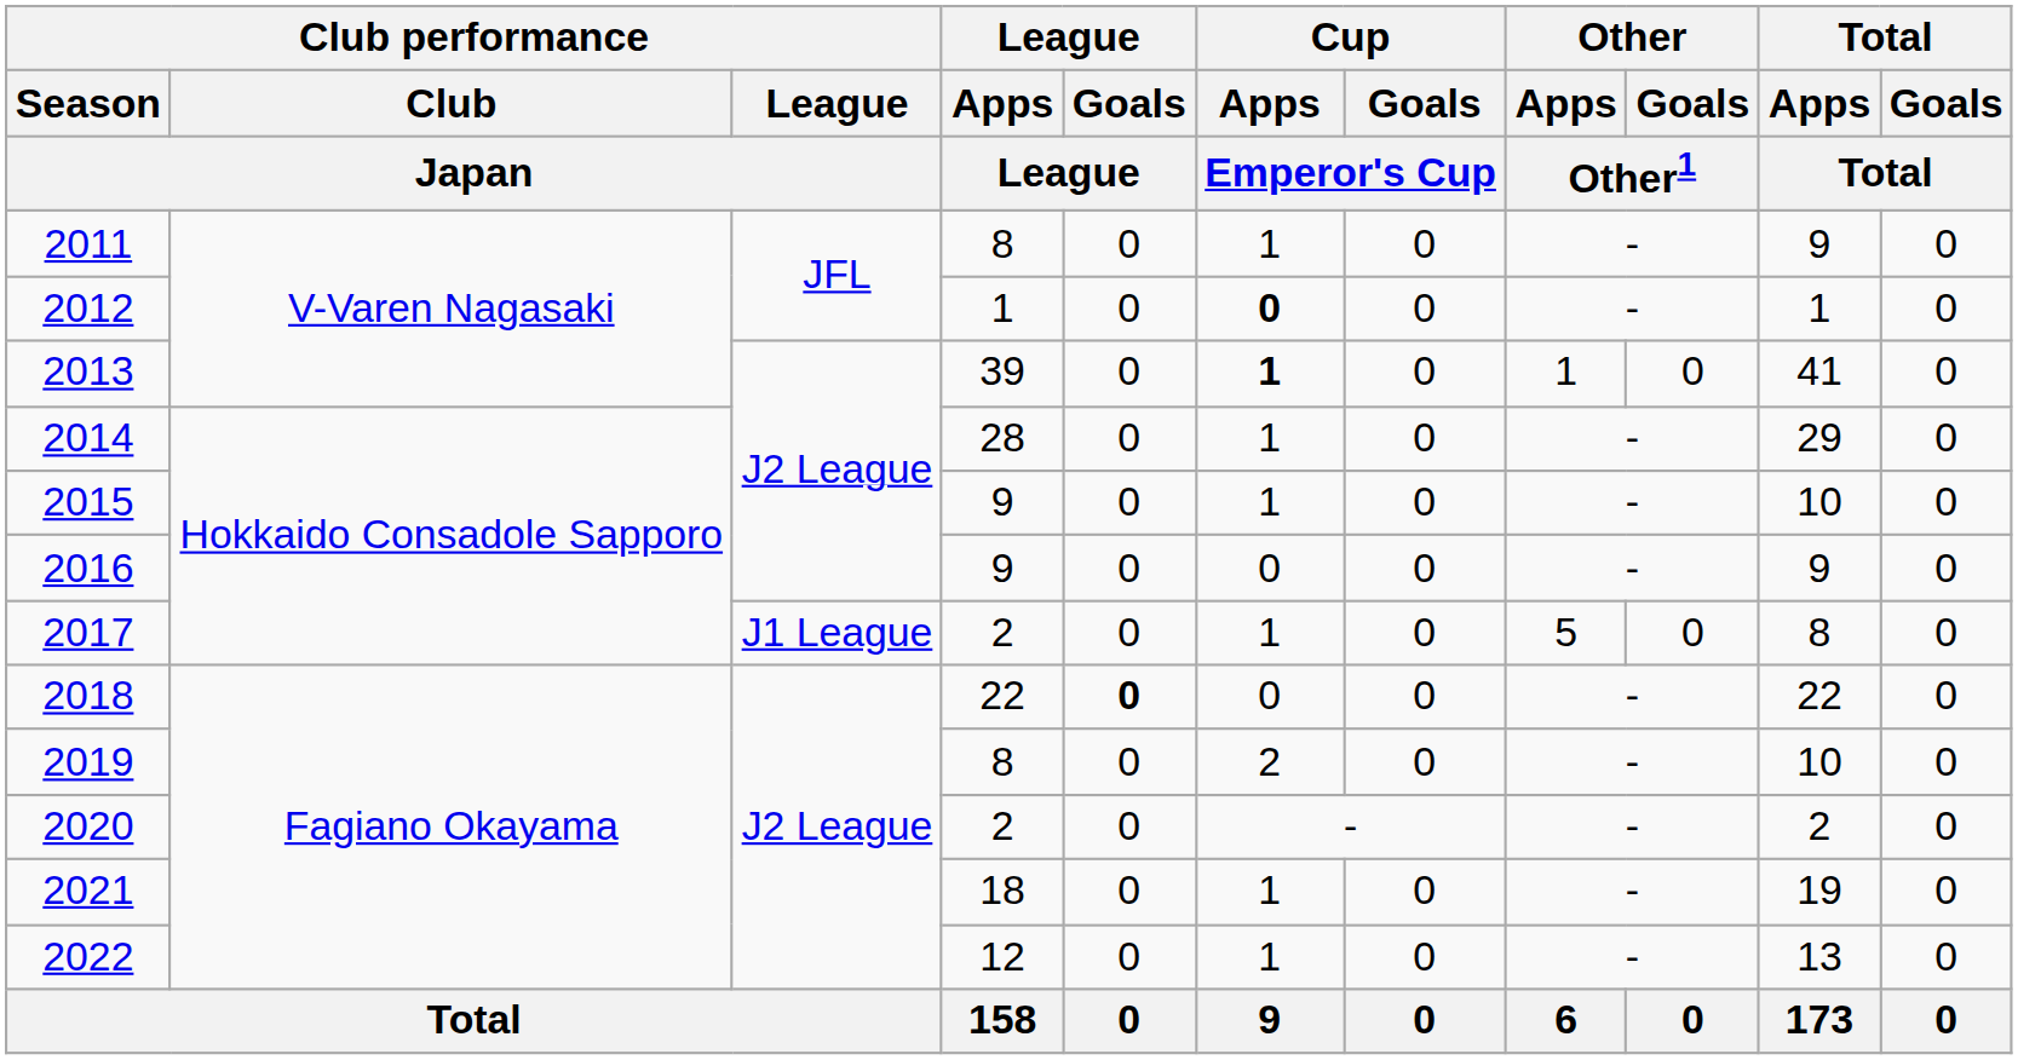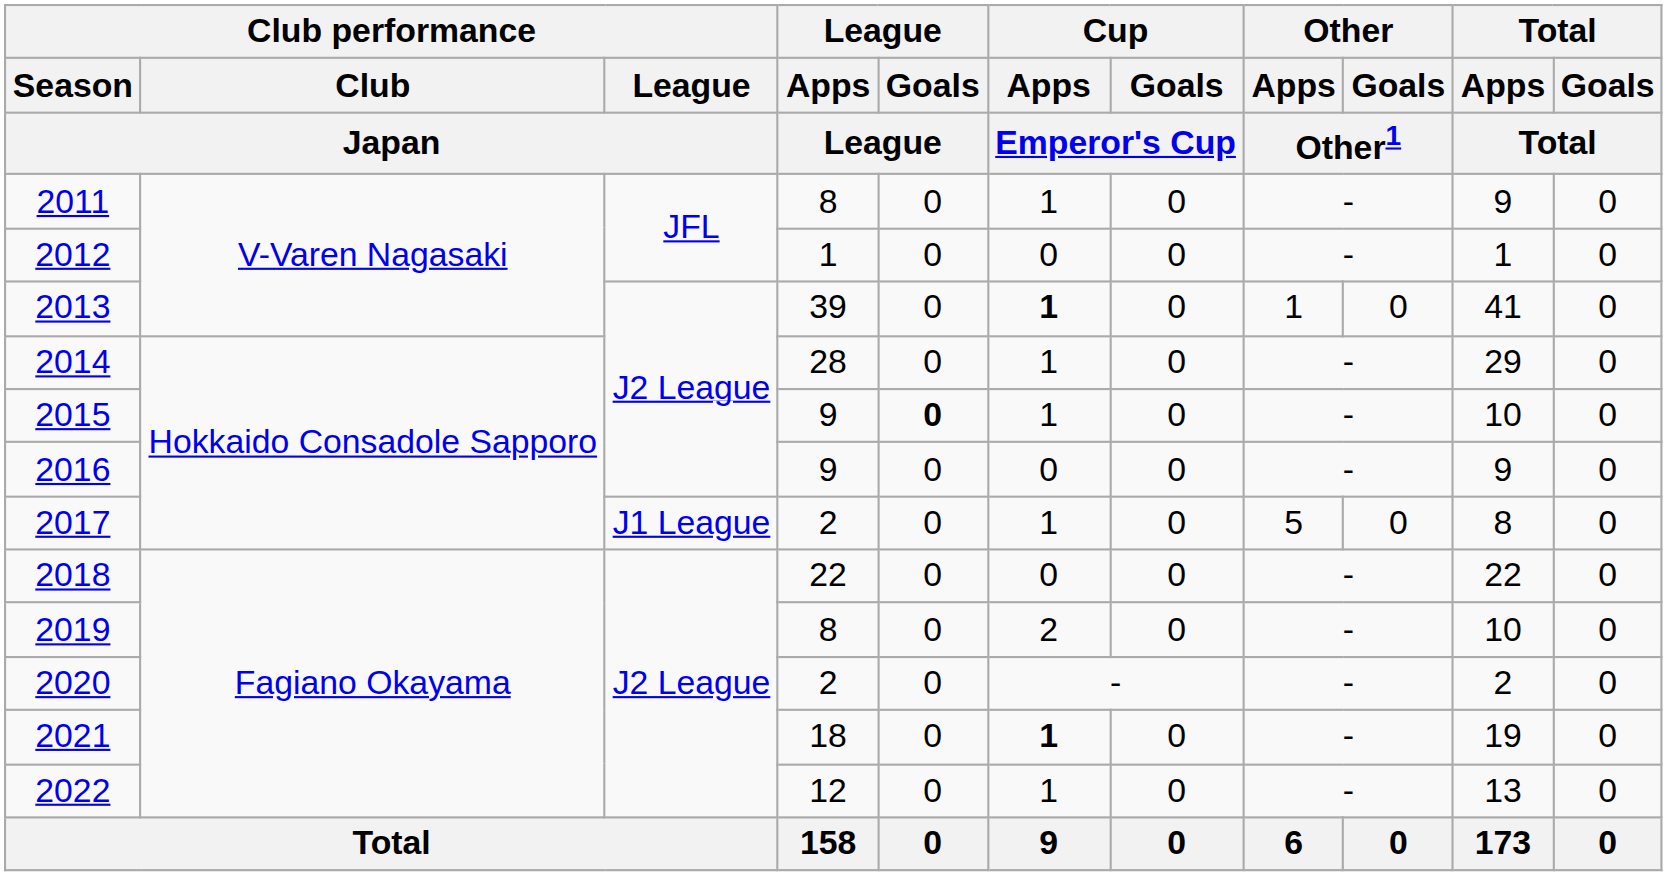 <table class="wikitable" style="text-align:center;">
 <tr>
 <th colspan=3>Club performance</th>
 <th colspan=2>League</th>
 <th colspan=2>Cup</th>
 <th colspan=2>Other</th>
 <th colspan=2>Total</th>
 </tr>
 <tr>
 <th>Season</th>
 <th>Club</th>
 <th>League</th>
 <th>Apps</th>
 <th>Goals</th>
 <th>Apps</th>
 <th>Goals</th>
 <th>Apps</th>
 <th>Goals</th>
 <th>Apps</th>
 <th>Goals</th>
 </tr>
 <tr>
 <th colspan=3>Japan</th>
 <th colspan=2>League</th>
 <th colspan=2><a href='#'>Emperor's Cup</a></th>
 <th colspan="2">Other<sup><a href='#'>1</a></sup></th>
 <th colspan=2>Total</th>
 </tr>
 <tr>
 <td><a href='#'>2011</a></td>
 <td rowspan="3"><a href='#'>V-Varen Nagasaki</a></td>
 <td rowspan="2"><a href='#'>JFL</a></td>
 <td>8</td>
 <td>0</td>
 <td>1</td>
 <td>0</td>
 <td colspan="2">-</td>
 <td>9</td>
 <td>0</td>
 </tr>
 <tr>
 <td><a href='#'>2012</a></td>
 <td>1</td>
 <td>0</td>
-<td><strong>0</strong></td>
+<td>0</td>
 <td>0</td>
 <td colspan="2">-</td>
 <td>1</td>
 <td>0</td>
 </tr>
 <tr>
 <td><a href='#'>2013</a></td>
 <td rowspan="4"><a href='#'>J2 League</a></td>
 <td>39</td>
 <td>0</td>
 <td><strong>1</strong></td>
 <td>0</td>
 <td>1</td>
 <td>0</td>
 <td>41</td>
 <td>0</td>
 </tr>
 <tr>
 <td><a href='#'>2014</a></td>
 <td rowspan="4"><a href='#'>Hokkaido Consadole Sapporo</a></td>
 <td>28</td>
 <td>0</td>
 <td>1</td>
 <td>0</td>
 <td colspan="2">-</td>
 <td>29</td>
 <td>0</td>
 </tr>
 <tr>
 <td><a href='#'>2015</a></td>
 <td>9</td>
-<td>0</td>
+<td><strong>0</strong></td>
 <td>1</td>
 <td>0</td>
 <td colspan="2">-</td>
 <td>10</td>
 <td>0</td>
 </tr>
 <tr>
 <td><a href='#'>2016</a></td>
 <td>9</td>
 <td>0</td>
 <td>0</td>
 <td>0</td>
 <td colspan="2">-</td>
 <td>9</td>
 <td>0</td>
 </tr>
 <tr>
 <td><a href='#'>2017</a></td>
 <td><a href='#'>J1 League</a></td>
 <td>2</td>
 <td>0</td>
 <td>1</td>
 <td>0</td>
 <td>5</td>
 <td>0</td>
 <td>8</td>
 <td>0</td>
 </tr>
 <tr>
 <td><a href='#'>2018</a></td>
 <td rowspan="5"><a href='#'>Fagiano Okayama</a></td>
 <td rowspan="5"><a href='#'>J2 League</a></td>
 <td>22</td>
-<td><strong>0</strong></td>
+<td>0</td>
 <td>0</td>
 <td>0</td>
 <td colspan="2">-</td>
 <td>22</td>
 <td>0</td>
 </tr>
 <tr>
 <td><a href='#'>2019</a></td>
 <td>8</td>
 <td>0</td>
 <td>2</td>
 <td>0</td>
 <td colspan="2">-</td>
 <td>10</td>
 <td>0</td>
 </tr>
 <tr>
 <td><a href='#'>2020</a></td>
 <td>2</td>
 <td>0</td>
 <td colspan="2">-</td>
 <td colspan="2">-</td>
 <td>2</td>
 <td>0</td>
 </tr>
 <tr>
 <td><a href='#'>2021</a></td>
 <td>18</td>
 <td>0</td>
-<td>1</td>
+<td><strong>1</strong></td>
 <td>0</td>
 <td colspan="2">-</td>
 <td>19</td>
 <td>0</td>
 </tr>
 <tr>
 <td><a href='#'>2022</a></td>
 <td>12</td>
 <td>0</td>
 <td>1</td>
 <td>0</td>
 <td colspan="2">-</td>
 <td>13</td>
 <td>0</td>
 </tr>
 <tr>
 <th colspan="3">Total</th>
 <th>158</th>
 <th>0</th>
 <th>9</th>
 <th>0</th>
 <th>6</th>
 <th>0</th>
 <th>173</th>
 <th>0</th>
 </tr>
 </table>
